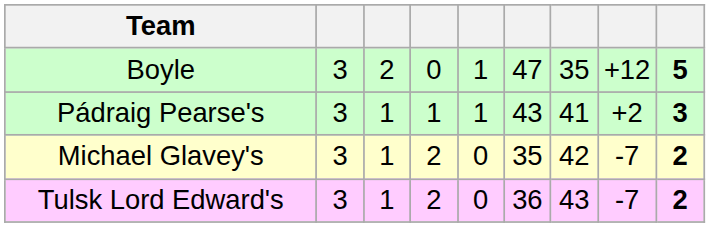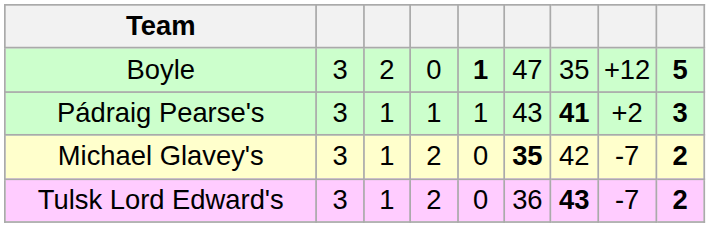 <table class="wikitable" style="text-align:center">
 <tr>
 <th style="width:175px;">Team</th>
 <th width="20"></th>
 <th width="20"></th>
 <th width="20"></th>
 <th width="20"></th>
 <th width="20"></th>
 <th width="20"></th>
 <th width="20"></th>
 <th width="20"></th>
 </tr>
 <tr style="background:#cfc;">
 <td>Boyle</td>
 <td>3</td>
 <td>2</td>
 <td>0</td>
-<td>1</td>
+<td><strong>1</strong></td>
 <td>47</td>
 <td>35</td>
 <td>+12</td>
 <td><strong>5</strong></td>
 </tr>
 <tr style="background:#cfc;">
 <td>Pádraig Pearse's</td>
 <td>3</td>
 <td>1</td>
 <td>1</td>
 <td>1</td>
 <td>43</td>
-<td>41</td>
+<td><strong>41</strong></td>
 <td>+2</td>
 <td><strong>3</strong></td>
 </tr>
 <tr style="background:#ffffcc;">
 <td>Michael Glavey's</td>
 <td>3</td>
 <td>1</td>
 <td>2</td>
 <td>0</td>
-<td>35</td>
+<td><strong>35</strong></td>
 <td>42</td>
 <td>-7</td>
 <td><strong>2</strong></td>
 </tr>
 <tr style="background:#fcf;">
 <td>Tulsk Lord Edward's</td>
 <td>3</td>
 <td>1</td>
 <td>2</td>
 <td>0</td>
 <td>36</td>
-<td>43</td>
+<td><strong>43</strong></td>
 <td>-7</td>
 <td><strong>2</strong></td>
 </tr>
 </table>
